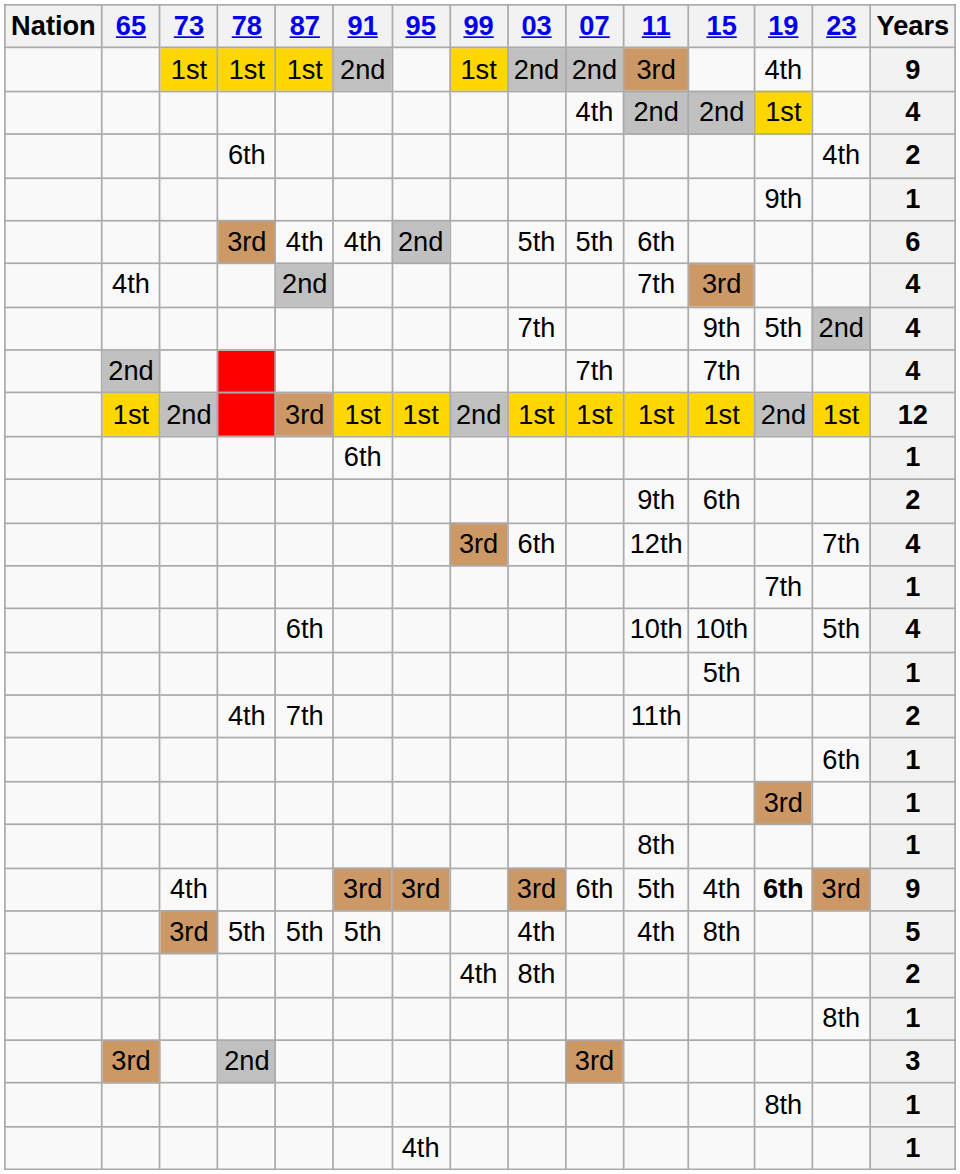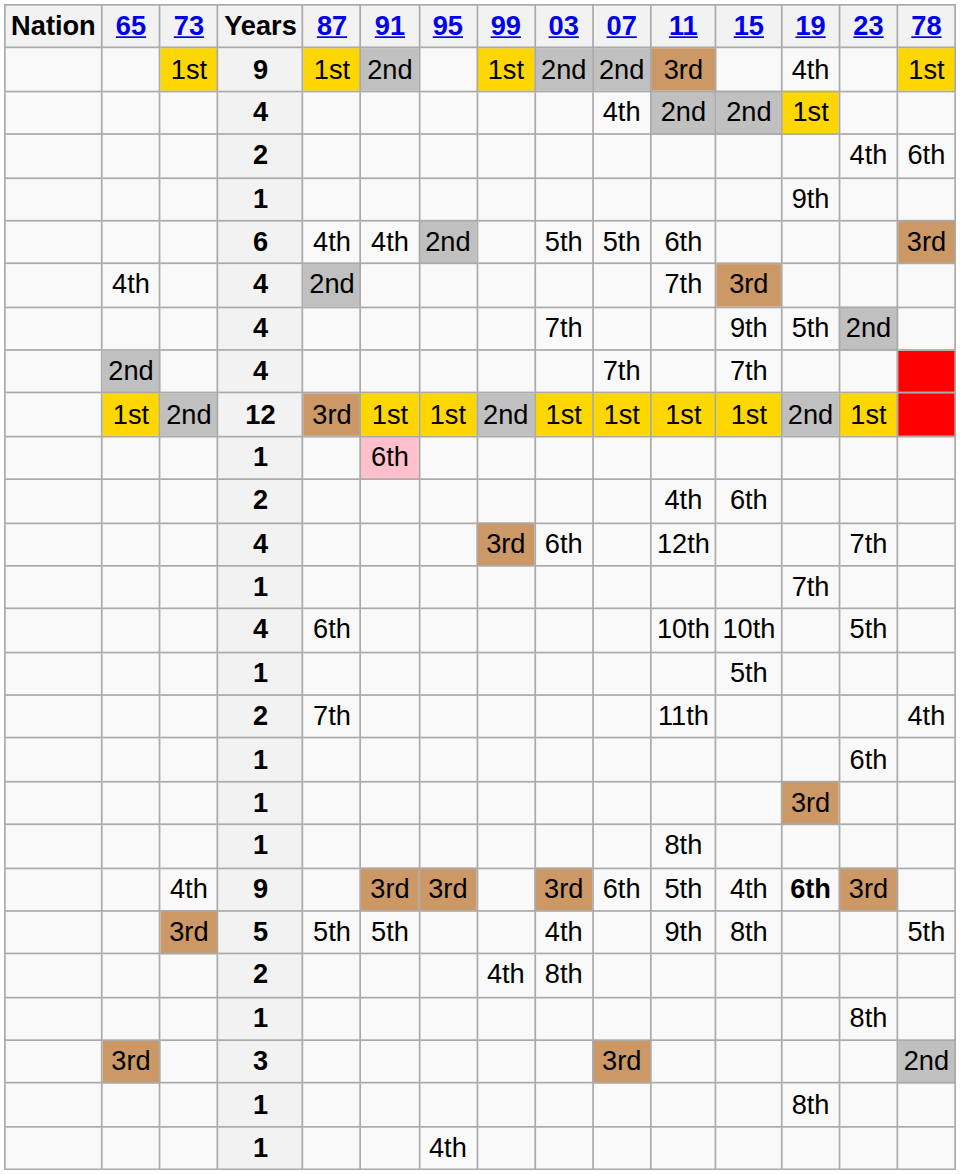 <table class="wikitable sortable" style="text-align:center">
 <tr>
 <th>Nation</th>
 <th><a href='#'>65</a><br></th>
 <th><a href='#'>73</a><br></th>
-<th><a href='#'>78</a><br></th>
+<th>Years</th>
 <th><a href='#'>87</a><br></th>
 <th><a href='#'>91</a><br></th>
 <th><a href='#'>95</a><br></th>
 <th><a href='#'>99</a><br></th>
 <th><a href='#'>03</a><br></th>
 <th><a href='#'>07</a><br></th>
 <th><a href='#'>11</a><br></th>
 <th><a href='#'>15</a><br></th>
 <th><a href='#'>19</a><br></th>
 <th><a href='#'>23</a><br></th>
-<th>Years</th>
+<th><a href='#'>78</a><br></th>
 </tr>
 <tr>
 <td align=left></td>
 <td></td>
 <td bgcolor=gold>1st</td>
-<td bgcolor=gold>1st</td>
+<th>9</th>
 <td bgcolor=gold>1st</td>
 <td bgcolor=silver>2nd</td>
 <td></td>
 <td bgcolor=gold>1st</td>
 <td bgcolor=silver>2nd</td>
 <td bgcolor=silver>2nd</td>
 <td bgcolor=#cc9966>3rd</td>
 <td></td>
 <td>4th</td>
 <td></td>
-<th>9</th>
+<td bgcolor=gold>1st</td>
 </tr>
 <tr>
 <td align=left></td>
 <td></td>
 <td></td>
-<td></td>
+<th>4</th>
 <td></td>
 <td></td>
 <td></td>
 <td></td>
 <td></td>
 <td>4th</td>
 <td bgcolor=silver>2nd</td>
 <td bgcolor=silver>2nd</td>
 <td bgcolor=gold>1st</td>
 <td></td>
-<th>4</th>
+<td></td>
 </tr>
 <tr>
 <td align=left></td>
 <td></td>
 <td></td>
-<td>6th</td>
+<th>2</th>
 <td></td>
 <td></td>
 <td></td>
 <td></td>
 <td></td>
 <td></td>
 <td></td>
 <td></td>
 <td></td>
 <td>4th</td>
-<th>2</th>
+<td>6th</td>
 </tr>
 <tr>
 <td align=left></td>
 <td></td>
 <td></td>
-<td></td>
+<th>1</th>
 <td></td>
 <td></td>
 <td></td>
 <td></td>
 <td></td>
 <td></td>
 <td></td>
 <td></td>
 <td>9th</td>
 <td></td>
-<th>1</th>
+<td></td>
 </tr>
 <tr>
 <td align=left></td>
 <td></td>
 <td></td>
-<td bgcolor="#cc9966">3rd</td>
+<th>6</th>
 <td>4th</td>
 <td>4th</td>
 <td bgcolor="silver">2nd</td>
 <td></td>
 <td>5th</td>
 <td>5th</td>
 <td>6th</td>
 <td></td>
 <td></td>
 <td></td>
-<th>6</th>
+<td bgcolor="#cc9966">3rd</td>
 </tr>
 <tr>
 <td align=left></td>
 <td>4th</td>
 <td></td>
-<td></td>
+<th>4</th>
 <td bgcolor="silver">2nd</td>
 <td></td>
 <td></td>
 <td></td>
 <td></td>
 <td></td>
 <td>7th</td>
 <td bgcolor="#cc9966">3rd</td>
 <td></td>
 <td></td>
-<th>4</th>
+<td></td>
 </tr>
 <tr>
 <td align=left></td>
+<td></td>
+<td></td>
+<th>4</th>
+<td></td>
+<td></td>
+<td></td>
+<td></td>
+<td>7th</td>
+<td></td>
+<td></td>
+<td>9th</td>
+<td>5th</td>
+<td bgcolor="silver">2nd</td>
+<td></td>
+</tr>
+<tr>
+<td align=left></td>
+<td bgcolor="silver">2nd</td>
+<td></td>
+<th>4</th>
+<td></td>
+<td></td>
+<td></td>
+<td></td>
+<td></td>
+<td>7th</td>
+<td></td>
+<td>7th</td>
+<td></td>
+<td></td>
+<td bgcolor="Red"><em></em></td>
+</tr>
+<tr>
+<td align=left></td>
+<td bgcolor="gold">1st</td>
+<td bgcolor="silver">2nd</td>
+<th>12</th>
+<td bgcolor="#cc9966">3rd</td>
+<td bgcolor="gold">1st</td>
+<td bgcolor="gold">1st</td>
+<td bgcolor="silver">2nd</td>
+<td bgcolor="gold">1st</td>
+<td bgcolor="gold">1st</td>
+<td bgcolor="gold">1st</td>
+<td bgcolor="gold">1st</td>
+<td bgcolor="silver">2nd</td>
+<td bgcolor="gold">1st</td>
+<td bgcolor="Red"><em></em></td>
+</tr>
+<tr>
+<td align=left></td>
+<td></td>
+<td></td>
+<th>1</th>
+<td></td>
+<td style="background: pink;">6th</td>
+<td></td>
+<td></td>
+<td></td>
+<td></td>
+<td></td>
+<td></td>
+<td></td>
+<td></td>
+<td></td>
+</tr>
+<tr>
+<td align=left></td>
+<td></td>
+<td></td>
+<th>2</th>
+<td></td>
+<td></td>
+<td></td>
+<td></td>
+<td></td>
+<td></td>
+<td>4th</td>
+<td>6th</td>
+<td></td>
+<td></td>
+<td></td>
+</tr>
+<tr>
+<td align=left></td>
+<td></td>
+<td></td>
+<th>4</th>
+<td></td>
+<td></td>
+<td></td>
+<td bgcolor="#cc9966">3rd</td>
+<td>6th</td>
+<td></td>
+<td>12th</td>
+<td></td>
+<td></td>
+<td>7th</td>
+<td></td>
+</tr>
+<tr>
+<td align=left></td>
+<td></td>
+<td></td>
+<th>1</th>
+<td></td>
 <td></td>
 <td></td>
 <td></td>
 <td></td>
 <td></td>
 <td></td>
 <td></td>
 <td>7th</td>
 <td></td>
 <td></td>
-<td>9th</td>
-<td>5th</td>
-<td bgcolor="silver">2nd</td>
-<th>4</th>
-</tr>
-<tr>
-<td align=left></td>
-<td bgcolor="silver">2nd</td>
-<td></td>
-<td bgcolor="Red"><em></em></td>
-<td></td>
-<td></td>
-<td></td>
-<td></td>
-<td></td>
-<td>7th</td>
-<td></td>
-<td>7th</td>
-<td></td>
-<td></td>
-<th>4</th>
-</tr>
-<tr>
-<td align=left></td>
-<td bgcolor="gold">1st</td>
-<td bgcolor="silver">2nd</td>
-<td bgcolor="Red"><em></em></td>
-<td bgcolor="#cc9966">3rd</td>
-<td bgcolor="gold">1st</td>
-<td bgcolor="gold">1st</td>
-<td bgcolor="silver">2nd</td>
-<td bgcolor="gold">1st</td>
-<td bgcolor="gold">1st</td>
-<td bgcolor="gold">1st</td>
-<td bgcolor="gold">1st</td>
-<td bgcolor="silver">2nd</td>
-<td bgcolor="gold">1st</td>
-<th>12</th>
 </tr>
 <tr>
 <td align=left></td>
 <td></td>
 <td></td>
-<td></td>
-<td></td>
-<td>6th</td>
-<td></td>
-<td></td>
-<td></td>
-<td></td>
-<td></td>
-<td></td>
-<td></td>
-<td></td>
-<th>1</th>
-</tr>
-<tr>
-<td align=left></td>
-<td></td>
-<td></td>
-<td></td>
-<td></td>
-<td></td>
-<td></td>
-<td></td>
-<td></td>
-<td></td>
-<td>9th</td>
-<td>6th</td>
-<td></td>
-<td></td>
-<th>2</th>
-</tr>
-<tr>
-<td align=left></td>
-<td></td>
-<td></td>
-<td></td>
-<td></td>
-<td></td>
-<td></td>
-<td bgcolor="#cc9966">3rd</td>
-<td>6th</td>
-<td></td>
-<td>12th</td>
-<td></td>
-<td></td>
-<td>7th</td>
 <th>4</th>
-</tr>
-<tr>
-<td align=left></td>
-<td></td>
-<td></td>
-<td></td>
-<td></td>
-<td></td>
-<td></td>
-<td></td>
-<td></td>
-<td></td>
-<td></td>
-<td></td>
-<td>7th</td>
-<td></td>
-<th>1</th>
-</tr>
-<tr>
-<td align=left></td>
-<td></td>
-<td></td>
-<td></td>
 <td>6th</td>
 <td></td>
 <td></td>
 <td></td>
 <td></td>
 <td></td>
 <td>10th</td>
 <td>10th</td>
 <td></td>
 <td>5th</td>
-<th>4</th>
+<td></td>
 </tr>
 <tr>
 <td align=left></td>
 <td></td>
 <td></td>
-<td></td>
+<th>1</th>
 <td></td>
 <td></td>
 <td></td>
 <td></td>
 <td></td>
 <td></td>
 <td></td>
 <td>5th</td>
 <td></td>
 <td></td>
-<th>1</th>
+<td></td>
 </tr>
 <tr>
 <td align=left></td>
 <td></td>
 <td></td>
-<td>4th</td>
+<th>2</th>
 <td>7th</td>
 <td></td>
 <td></td>
 <td></td>
 <td></td>
 <td></td>
 <td>11th</td>
 <td></td>
 <td></td>
 <td></td>
-<th>2</th>
+<td>4th</td>
 </tr>
 <tr>
 <td align=left></td>
 <td></td>
 <td></td>
-<td></td>
+<th>1</th>
 <td></td>
 <td></td>
 <td></td>
 <td></td>
 <td></td>
 <td></td>
 <td></td>
 <td></td>
 <td></td>
 <td>6th</td>
-<th>1</th>
+<td></td>
 </tr>
 <tr>
 <td align=left></td>
 <td></td>
 <td></td>
-<td></td>
+<th>1</th>
 <td></td>
 <td></td>
 <td></td>
 <td></td>
 <td></td>
 <td></td>
 <td></td>
 <td></td>
 <td bgcolor="#cc9966">3rd</td>
 <td></td>
-<th>1</th>
+<td></td>
 </tr>
 <tr>
 <td align=left></td>
+<td></td>
+<td></td>
+<th>1</th>
+<td></td>
+<td></td>
+<td></td>
+<td></td>
+<td></td>
+<td></td>
+<td>8th</td>
+<td></td>
+<td></td>
+<td></td>
+<td></td>
+</tr>
+<tr>
+<td align=left></td>
+<td></td>
+<td>4th</td>
+<th>9</th>
+<td></td>
+<td bgcolor="#cc9966">3rd</td>
+<td bgcolor="#cc9966">3rd</td>
+<td></td>
+<td bgcolor="#cc9966">3rd</td>
+<td>6th</td>
+<td>5th</td>
+<td>4th</td>
+<td><strong>6th</strong></td>
+<td bgcolor="#cc9966">3rd</td>
+<td></td>
+</tr>
+<tr>
+<td align=left></td>
+<td></td>
+<td bgcolor="#cc9966">3rd</td>
+<th>5</th>
+<td>5th</td>
+<td>5th</td>
+<td></td>
+<td></td>
+<td>4th</td>
+<td></td>
+<td>9th</td>
+<td>8th</td>
+<td></td>
+<td></td>
+<td>5th</td>
+</tr>
+<tr>
+<td align=left></td>
+<td></td>
+<td></td>
+<th>2</th>
+<td></td>
+<td></td>
+<td></td>
+<td>4th</td>
+<td>8th</td>
+<td></td>
+<td></td>
+<td></td>
+<td></td>
+<td></td>
+<td></td>
+</tr>
+<tr>
+<td align=left></td>
+<td></td>
+<td></td>
+<th>1</th>
 <td></td>
 <td></td>
 <td></td>
 <td></td>
 <td></td>
 <td></td>
 <td></td>
 <td></td>
 <td></td>
 <td>8th</td>
 <td></td>
-<td></td>
-<td></td>
-<th>1</th>
-</tr>
-<tr>
-<td align=left></td>
-<td></td>
-<td>4th</td>
-<td></td>
-<td></td>
-<td bgcolor="#cc9966">3rd</td>
-<td bgcolor="#cc9966">3rd</td>
-<td></td>
-<td bgcolor="#cc9966">3rd</td>
-<td>6th</td>
-<td>5th</td>
-<td>4th</td>
-<td><strong>6th</strong></td>
-<td bgcolor="#cc9966">3rd</td>
-<th>9</th>
-</tr>
-<tr>
-<td align=left></td>
-<td></td>
-<td bgcolor="#cc9966">3rd</td>
-<td>5th</td>
-<td>5th</td>
-<td>5th</td>
-<td></td>
-<td></td>
-<td>4th</td>
-<td></td>
-<td>4th</td>
-<td>8th</td>
-<td></td>
-<td></td>
-<th>5</th>
-</tr>
-<tr>
-<td align=left></td>
-<td></td>
-<td></td>
-<td></td>
-<td></td>
-<td></td>
-<td></td>
-<td>4th</td>
-<td>8th</td>
-<td></td>
-<td></td>
-<td></td>
-<td></td>
-<td></td>
-<th>2</th>
-</tr>
-<tr>
-<td align=left></td>
-<td></td>
-<td></td>
-<td></td>
-<td></td>
-<td></td>
-<td></td>
-<td></td>
-<td></td>
-<td></td>
-<td></td>
-<td></td>
-<td></td>
-<td>8th</td>
-<th>1</th>
 </tr>
 <tr>
 <td align=left></td>
 <td bgcolor="#cc9966">3rd</td>
 <td></td>
-<td bgcolor="silver">2nd</td>
+<th>3</th>
 <td></td>
 <td></td>
 <td></td>
 <td></td>
 <td></td>
 <td bgcolor="#cc9966">3rd</td>
 <td></td>
 <td></td>
 <td></td>
 <td></td>
-<th>3</th>
+<td bgcolor="silver">2nd</td>
 </tr>
 <tr>
 <td align=left></td>
 <td></td>
 <td></td>
-<td></td>
+<th>1</th>
 <td></td>
 <td></td>
 <td></td>
 <td></td>
 <td></td>
 <td></td>
 <td></td>
 <td></td>
 <td>8th</td>
 <td></td>
-<th>1</th>
+<td></td>
 </tr>
 <tr>
 <td align=left></td>
 <td></td>
 <td></td>
-<td></td>
+<th>1</th>
 <td></td>
 <td></td>
 <td>4th</td>
 <td></td>
 <td></td>
 <td></td>
 <td></td>
 <td></td>
 <td></td>
 <td></td>
-<th>1</th>
+<td></td>
 </tr>
 </table>
